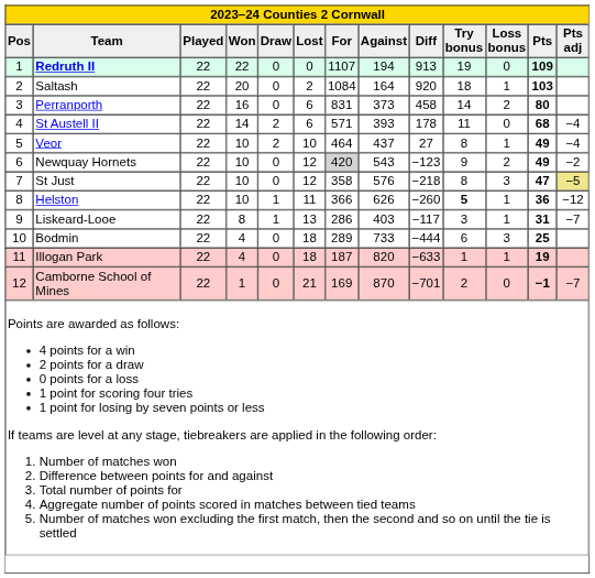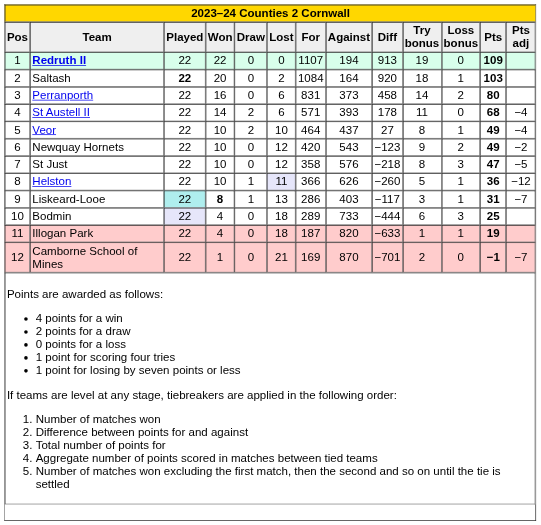 <table border="1" cellpadding="2" cellspacing="0">
 <tr bgcolor="gold">
 <th colspan=13 style="border-right:0px;";>2023–24 Counties 2 Cornwall </th>
 </tr>
 <tr bgcolor="#efefef">
 <th width="20">Pos</th>
 <th width="180">Team</th>
 <th width="25">Played</th>
 <th width="25">Won</th>
 <th width="25">Draw</th>
 <th width="25">Lost</th>
 <th width="35">For</th>
 <th width="35">Against</th>
 <th width="35">Diff</th>
 <th width="35">Try bonus</th>
 <th width="35">Loss bonus</th>
 <th width="30">Pts</th>
 <th width="35">Pts adj</th>
 </tr>
 <tr bgcolor=#d8ffeb align=center>
 <td>1</td>
 <td align=left><strong><a href='#'>Redruth II</a></strong></td>
 <td>22</td>
 <td>22</td>
 <td>0</td>
 <td>0</td>
 <td>1107</td>
 <td>194</td>
 <td>913</td>
 <td>19</td>
 <td>0</td>
 <td><strong>109</strong></td>
 <td></td>
 </tr>
 <tr align=center>
 <td>2</td>
 <td align=left>Saltash</td>
-<td>22</td>
+<td><strong>22</strong></td>
 <td>20</td>
 <td>0</td>
 <td>2</td>
 <td>1084</td>
 <td>164</td>
 <td>920</td>
 <td>18</td>
 <td>1</td>
 <td><strong>103</strong></td>
 <td></td>
 </tr>
 <tr align=center>
 <td>3</td>
 <td align=left><a href='#'>Perranporth</a></td>
 <td>22</td>
 <td>16</td>
 <td>0</td>
 <td>6</td>
 <td>831</td>
 <td>373</td>
 <td>458</td>
 <td>14</td>
 <td>2</td>
 <td><strong>80</strong></td>
 <td></td>
 </tr>
 <tr align=center>
 <td>4</td>
 <td align=left><a href='#'>St Austell II</a></td>
 <td>22</td>
 <td>14</td>
 <td>2</td>
 <td>6</td>
 <td>571</td>
 <td>393</td>
 <td>178</td>
 <td>11</td>
 <td>0</td>
 <td><strong>68</strong></td>
 <td>−4</td>
 </tr>
 <tr align=center>
 <td>5</td>
 <td align=left><a href='#'>Veor</a></td>
 <td>22</td>
 <td>10</td>
 <td>2</td>
 <td>10</td>
 <td>464</td>
 <td>437</td>
 <td>27</td>
 <td>8</td>
 <td>1</td>
 <td><strong>49</strong></td>
 <td>−4</td>
 </tr>
 <tr align=center>
 <td>6</td>
 <td align=left>Newquay Hornets</td>
 <td>22</td>
 <td>10</td>
 <td>0</td>
 <td>12</td>
-<td style="background: lightgrey;">420</td>
+<td>420</td>
 <td>543</td>
 <td>−123</td>
 <td>9</td>
 <td>2</td>
 <td><strong>49</strong></td>
 <td>−2</td>
 </tr>
 <tr align=center>
 <td>7</td>
 <td align=left>St Just</td>
 <td>22</td>
 <td>10</td>
 <td>0</td>
 <td>12</td>
 <td>358</td>
 <td>576</td>
 <td>−218</td>
 <td>8</td>
 <td>3</td>
 <td><strong>47</strong></td>
-<td style="background: khaki;">−5</td>
+<td>−5</td>
 </tr>
 <tr align=center>
 <td>8</td>
 <td align=left><a href='#'>Helston</a></td>
 <td>22</td>
 <td>10</td>
 <td>1</td>
-<td>11</td>
+<td style="background: lavender;">11</td>
 <td>366</td>
 <td>626</td>
 <td>−260</td>
-<td><strong>5</strong></td>
+<td>5</td>
 <td>1</td>
 <td><strong>36</strong></td>
 <td>−12</td>
 </tr>
 <tr align=center>
 <td>9</td>
 <td align=left>Liskeard-Looe</td>
-<td>22</td>
-<td>8</td>
+<td style="background: paleturquoise;">22</td>
+<td><strong>8</strong></td>
 <td>1</td>
 <td>13</td>
 <td>286</td>
 <td>403</td>
 <td>−117</td>
 <td>3</td>
 <td>1</td>
 <td><strong>31</strong></td>
 <td>−7</td>
 </tr>
 <tr align=center>
 <td>10</td>
 <td align=left>Bodmin</td>
-<td>22</td>
+<td style="background: lavender;">22</td>
 <td>4</td>
 <td>0</td>
 <td>18</td>
 <td>289</td>
 <td>733</td>
 <td>−444</td>
 <td>6</td>
 <td>3</td>
 <td><strong>25</strong></td>
 <td></td>
 </tr>
 <tr bgcolor=#ffcccc align=center>
 <td>11</td>
 <td align=left>Illogan Park</td>
 <td>22</td>
 <td>4</td>
 <td>0</td>
 <td>18</td>
 <td>187</td>
 <td>820</td>
 <td>−633</td>
 <td>1</td>
 <td>1</td>
 <td><strong>19</strong></td>
 <td></td>
 </tr>
 <tr bgcolor=#ffcccc align=center>
 <td>12</td>
 <td align=left>Camborne School of Mines</td>
 <td>22</td>
 <td>1</td>
 <td>0</td>
 <td>21</td>
 <td>169</td>
 <td>870</td>
 <td>−701</td>
 <td>2</td>
 <td>0</td>
 <td><strong>−1</strong></td>
 <td>−7</td>
 </tr>
 <tr align=center>
 </tr>
 <tr bgcolor=#ffffff>
 <td colspan="13"><br>Points are awarded as follows:<ul><li>4 points for a win</li><li>2 points for a draw</li><li>0 points for a loss</li><li>1 point for scoring four tries</li><li>1 point for losing by seven points or less</li></ul>If teams are level at any stage, tiebreakers are applied in the following order:<ol><li>Number of matches won</li><li>Difference between points for and against</li><li>Total number of points for</li><li>Aggregate number of points scored in matches between tied teams</li><li>Number of matches won excluding the first match, then the second and so on until the tie is settled</li></ol></td>
 </tr>
 <tr |align=left|>
 <td colspan="15" style="border:0px"><br></td>
 </tr>
 </table>
